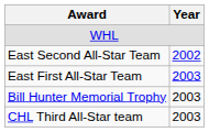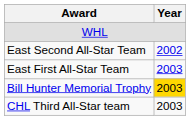 <table class="wikitable">
 <tr>
 <th>Award</th>
 <th>Year</th>
 </tr>
 <tr ALIGN="center" bgcolor="#e0e0e0">
 <td colspan="2"><a href='#'>WHL</a></td>
 </tr>
 <tr>
 <td>East Second All-Star Team</td>
 <td><a href='#'>2002</a></td>
 </tr>
 <tr>
 <td>East First All-Star Team</td>
 <td><a href='#'>2003</a></td>
 </tr>
 <tr>
 <td><a href='#'>Bill Hunter Memorial Trophy</a></td>
-<td>2003</td>
+<td style="background: gold;">2003</td>
 </tr>
 <tr>
 <td><a href='#'>CHL</a> Third All-Star team</td>
 <td>2003</td>
 </tr>
 </table>
